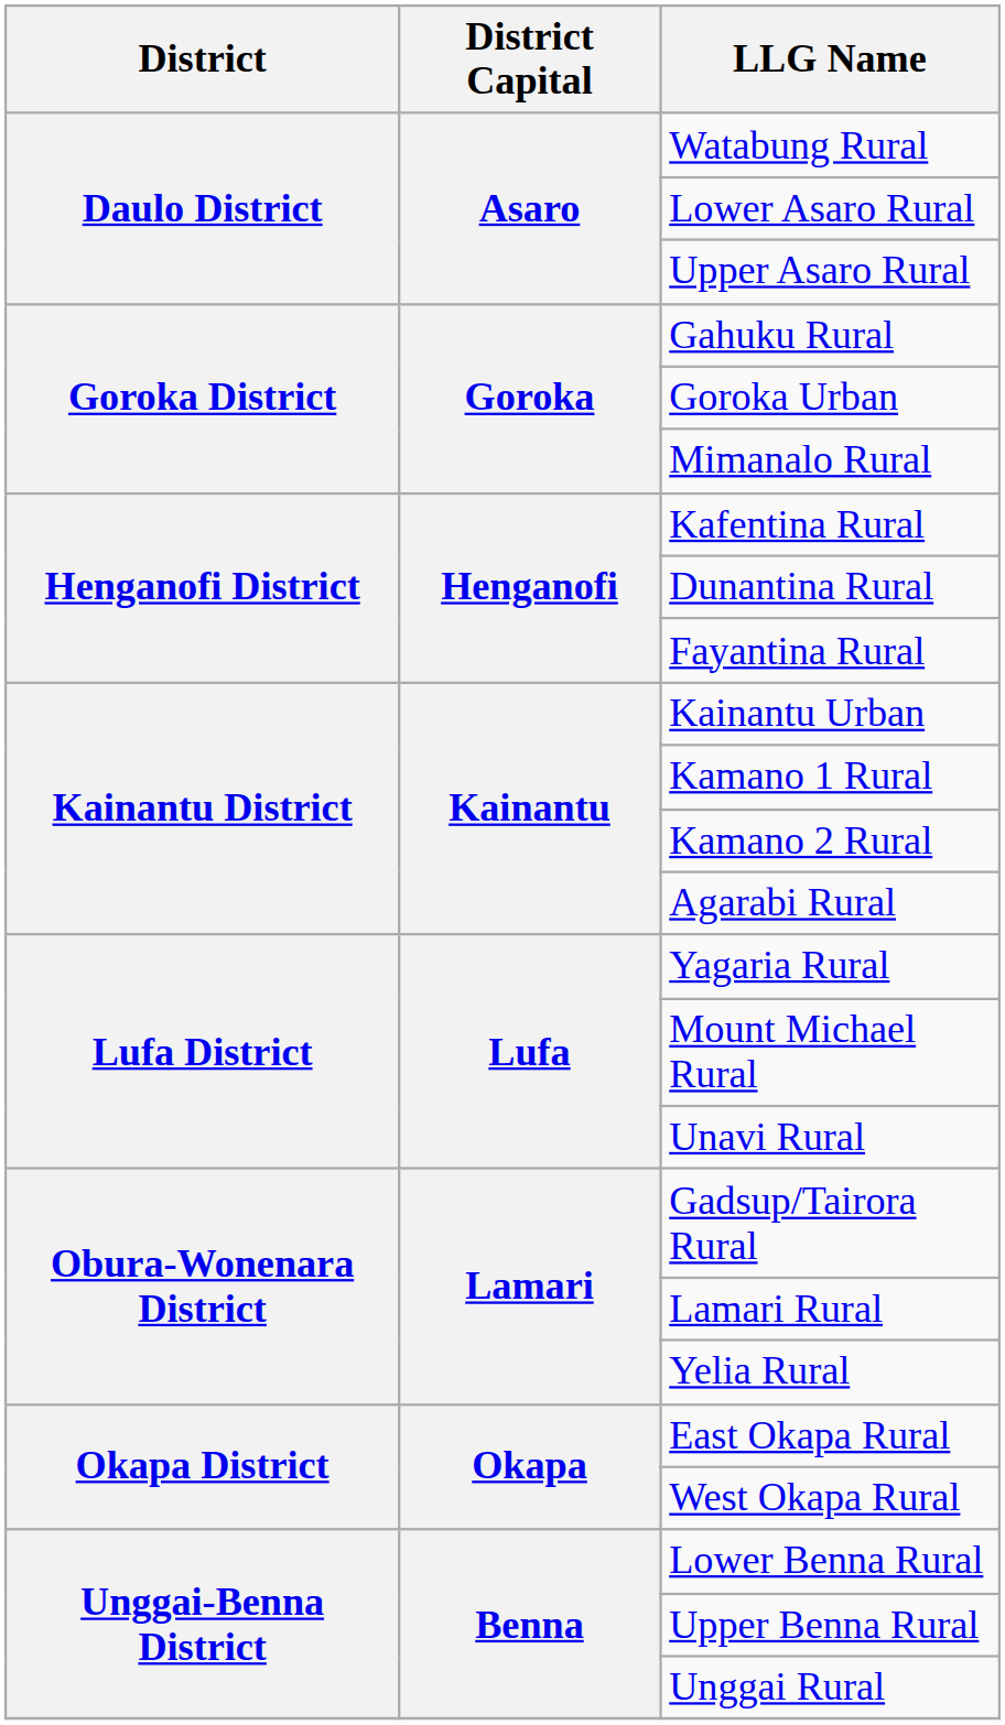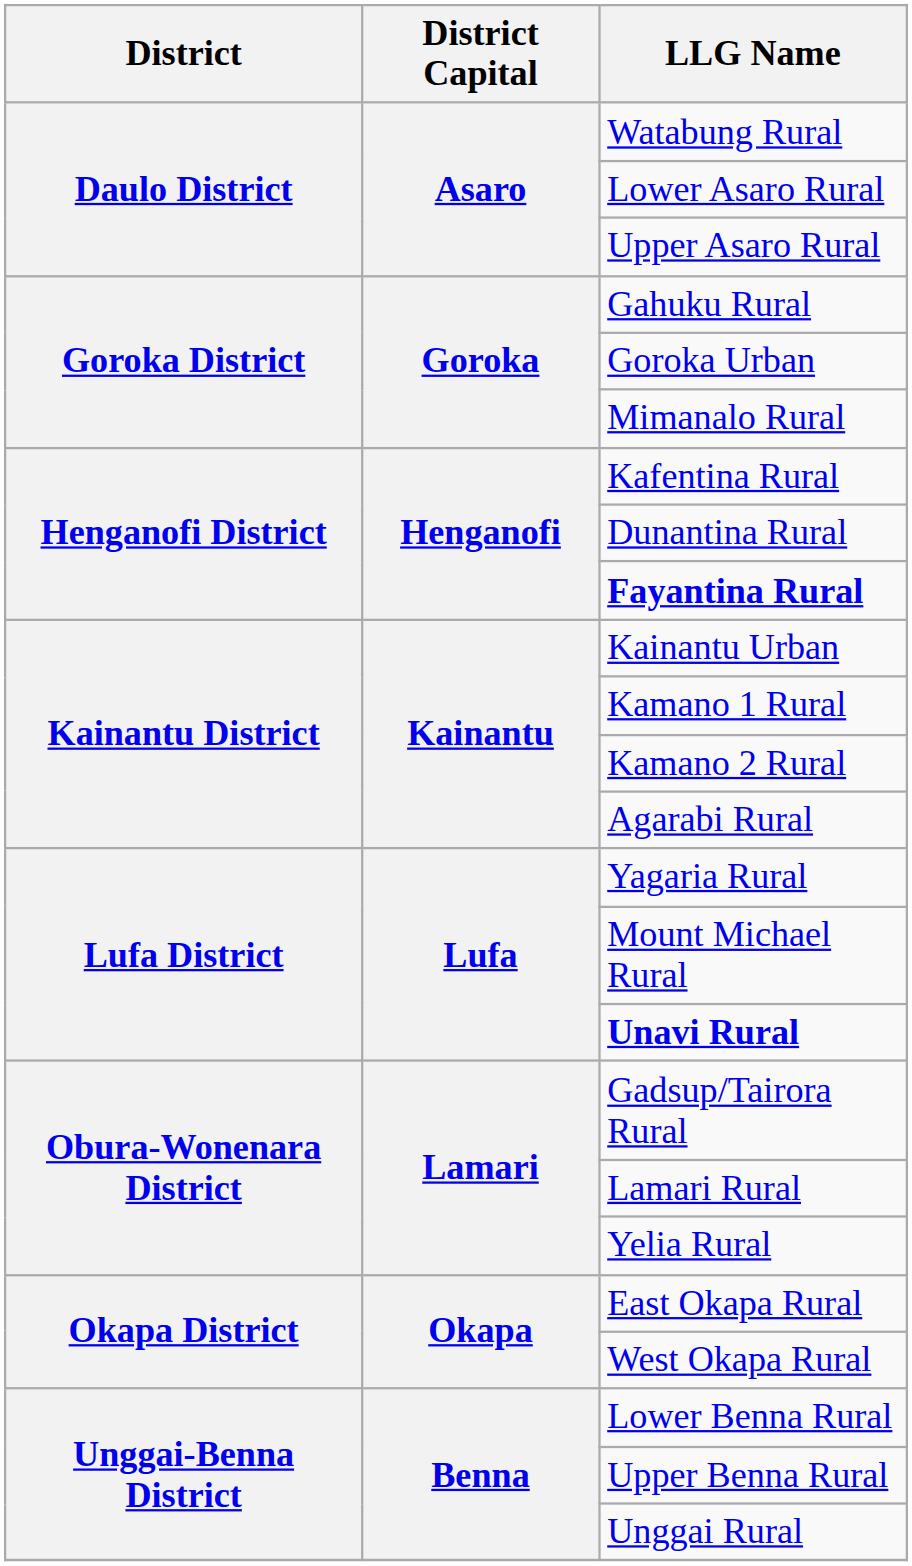 <table class="wikitable" style="text-align: left;" width="400">
 <tr>
 <th>District</th>
 <th>District Capital</th>
 <th>LLG Name</th>
 </tr>
 <tr>
 <th rowspan="3"><a href='#'>Daulo District</a></th>
 <th rowspan="3"><a href='#'>Asaro</a></th>
 <td><a href='#'>Watabung Rural</a></td>
 </tr>
 <tr>
 <td><a href='#'>Lower Asaro Rural</a></td>
 </tr>
 <tr>
 <td><a href='#'>Upper Asaro Rural</a></td>
 </tr>
 <tr>
 <th rowspan="3"><a href='#'>Goroka District</a></th>
 <th rowspan="3"><a href='#'>Goroka</a></th>
 <td><a href='#'>Gahuku Rural</a></td>
 </tr>
 <tr>
 <td><a href='#'>Goroka Urban</a></td>
 </tr>
 <tr>
 <td><a href='#'>Mimanalo Rural</a></td>
 </tr>
 <tr>
 <th rowspan="3"><a href='#'>Henganofi District</a></th>
 <th rowspan="3"><a href='#'>Henganofi</a></th>
 <td><a href='#'>Kafentina Rural</a></td>
 </tr>
 <tr>
 <td><a href='#'>Dunantina Rural</a></td>
 </tr>
 <tr>
-<td><a href='#'>Fayantina Rural</a></td>
+<td><strong><a href='#'>Fayantina Rural</a></strong></td>
 </tr>
 <tr>
 <th rowspan="4"><a href='#'>Kainantu District</a></th>
 <th rowspan="4"><a href='#'>Kainantu</a></th>
 <td><a href='#'>Kainantu Urban</a></td>
 </tr>
 <tr>
 <td><a href='#'>Kamano 1 Rural</a></td>
 </tr>
 <tr>
 <td><a href='#'>Kamano 2 Rural</a></td>
 </tr>
 <tr>
 <td><a href='#'>Agarabi Rural</a></td>
 </tr>
 <tr>
 <th rowspan="3"><a href='#'>Lufa District</a></th>
 <th rowspan="3"><a href='#'>Lufa</a></th>
 <td><a href='#'>Yagaria Rural</a></td>
 </tr>
 <tr>
 <td><a href='#'>Mount Michael Rural</a></td>
 </tr>
 <tr>
-<td><a href='#'>Unavi Rural</a></td>
+<td><strong><a href='#'>Unavi Rural</a></strong></td>
 </tr>
 <tr>
 <th rowspan="3"><a href='#'>Obura-Wonenara District</a></th>
 <th rowspan="3"><a href='#'>Lamari</a></th>
 <td><a href='#'>Gadsup/Tairora Rural</a></td>
 </tr>
 <tr>
 <td><a href='#'>Lamari Rural</a></td>
 </tr>
 <tr>
 <td><a href='#'>Yelia Rural</a></td>
 </tr>
 <tr>
 <th rowspan="2"><a href='#'>Okapa District</a></th>
 <th rowspan="2"><a href='#'>Okapa</a></th>
 <td><a href='#'>East Okapa Rural</a></td>
 </tr>
 <tr>
 <td><a href='#'>West Okapa Rural</a></td>
 </tr>
 <tr>
 <th rowspan="3"><a href='#'>Unggai-Benna District</a></th>
 <th rowspan="3"><a href='#'>Benna</a></th>
 <td><a href='#'>Lower Benna Rural</a></td>
 </tr>
 <tr>
 <td><a href='#'>Upper Benna Rural</a></td>
 </tr>
 <tr>
 <td><a href='#'>Unggai Rural</a></td>
 </tr>
 <tr>
 </tr>
 </table>
